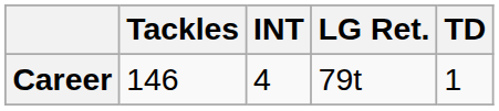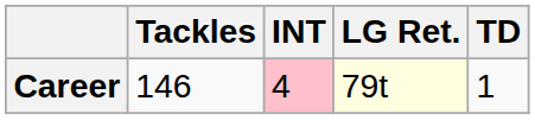 <table class="wikitable">
 <tr>
 <th></th>
 <th>Tackles</th>
 <th>INT</th>
 <th>LG Ret.</th>
 <th>TD</th>
 </tr>
 <tr>
 <th>Career</th>
 <td>146</td>
-<td>4</td>
-<td>79t</td>
+<td style="background: pink;">4</td>
+<td style="background: lightyellow;">79t</td>
 <td>1</td>
 </tr>
 </table>
